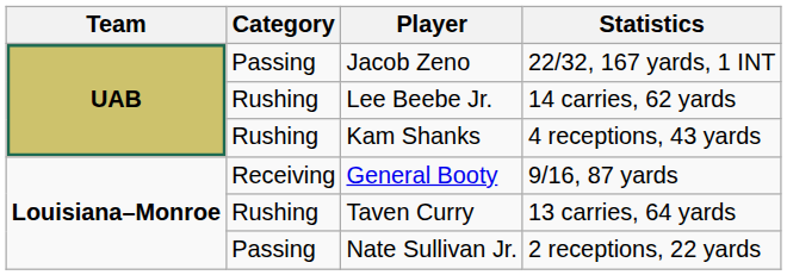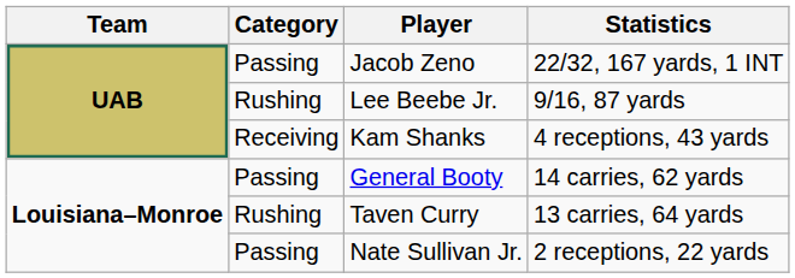 <table class="wikitable" style="float: right;">
 <tr>
 <th>Team</th>
 <th>Category</th>
 <th>Player</th>
 <th>Statistics</th>
 </tr>
 <tr>
 <td rowspan=3 style="background-color:#CDC26C;color:#000000;box-shadow: inset 2px 2px 0 #1E6B52, inset -2px -2px 0 #1E6B52; text-align:center;"><strong>UAB</strong></td>
 <td>Passing</td>
 <td>Jacob Zeno</td>
 <td>22/32, 167 yards, 1 INT</td>
 </tr>
 <tr>
 <td>Rushing</td>
 <td>Lee Beebe Jr.</td>
-<td>14 carries, 62 yards</td>
+<td>9/16, 87 yards</td>
 </tr>
 <tr>
-<td>Rushing</td>
+<td>Receiving</td>
 <td>Kam Shanks</td>
 <td>4 receptions, 43 yards</td>
 </tr>
 <tr>
 <td rowspan=3><strong>Louisiana–Monroe</strong></td>
-<td>Receiving</td>
+<td>Passing</td>
 <td><a href='#'>General Booty</a></td>
-<td>9/16, 87 yards</td>
+<td>14 carries, 62 yards</td>
 </tr>
 <tr>
 <td>Rushing</td>
 <td>Taven Curry</td>
 <td>13 carries, 64 yards</td>
 </tr>
 <tr>
 <td>Passing</td>
 <td>Nate Sullivan Jr.</td>
 <td>2 receptions, 22 yards</td>
 </tr>
 </table>
